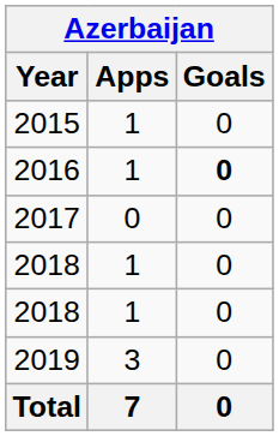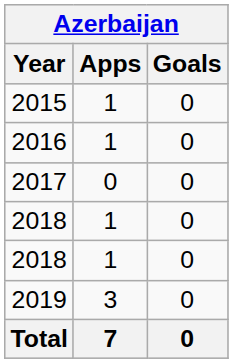 <table class="wikitable" style="text-align:center">
 <tr>
 <th colspan=3><a href='#'>Azerbaijan</a></th>
 </tr>
 <tr>
 <th>Year</th>
 <th>Apps</th>
 <th>Goals</th>
 </tr>
 <tr>
 <td>2015</td>
 <td>1</td>
 <td>0</td>
 </tr>
 <tr>
 <td>2016</td>
 <td>1</td>
-<td><strong>0</strong></td>
+<td>0</td>
 </tr>
 <tr>
 <td>2017</td>
 <td>0</td>
 <td>0</td>
 </tr>
 <tr>
 <td>2018</td>
 <td>1</td>
 <td>0</td>
 </tr>
 <tr>
 <td>2018</td>
 <td>1</td>
 <td>0</td>
 </tr>
 <tr>
 <td>2019</td>
 <td>3</td>
 <td>0</td>
 </tr>
 <tr>
 <th>Total</th>
 <th>7</th>
 <th>0</th>
 </tr>
 </table>
